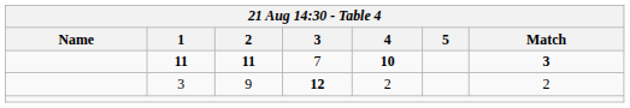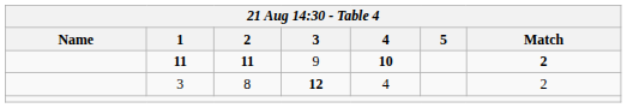 <table class=wikitable style="text-align:center; width: 55%">
 <tr>
 <th colspan=17><em>21 Aug 14:30 - Table 4</em></th>
 </tr>
 <tr>
 <th>Name</th>
 <th>1</th>
 <th>2</th>
 <th>3</th>
 <th>4</th>
 <th>5</th>
 <th>Match</th>
 </tr>
 <tr>
 <td style="text-align:left;"><strong></strong></td>
 <td><strong>11</strong></td>
 <td><strong>11</strong></td>
-<td>7</td>
+<td>9</td>
 <td><strong>10</strong></td>
 <td></td>
-<td><strong>3</strong></td>
+<td><strong>2</strong></td>
 </tr>
 <tr>
 <td style="text-align:left;"></td>
 <td>3</td>
-<td>9</td>
+<td>8</td>
 <td><strong>12</strong></td>
-<td>2</td>
+<td>4</td>
 <td></td>
 <td>2</td>
 </tr>
 <tr>
 <td colspan=17></td>
 </tr>
 </table>
